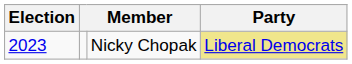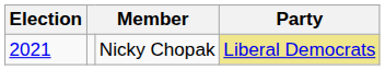 <table class="wikitable">
 <tr>
 <th>Election</th>
 <th colspan="2">Member</th>
 <th>Party</th>
 </tr>
 <tr>
-<td><a href='#'>2023</a></td>
+<td><a href='#'>2021</a></td>
 <td rowspan="1" style="background-color: "></td>
 <td rowspan="1">Nicky Chopak</td>
 <td rowspan="1" style="background: khaki;"><a href='#'>Liberal Democrats</a></td>
 </tr>
 </table>
